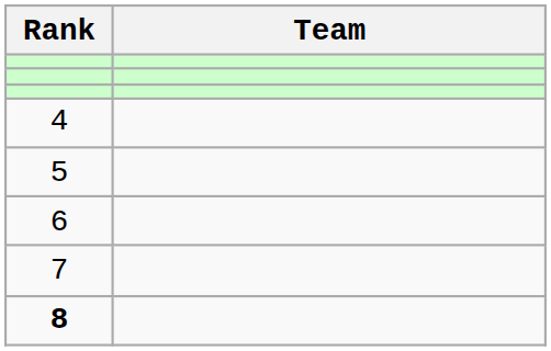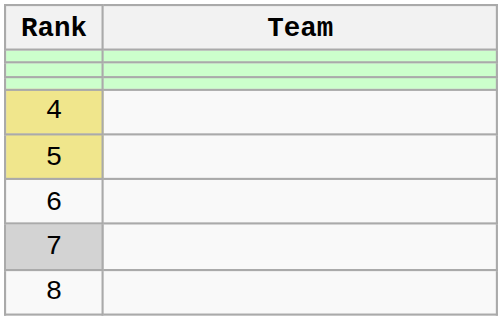 <table class="wikitable" style="text-align: center;">
 <tr>
 <th width=40>Rank</th>
 <th width=180>Team</th>
 </tr>
 <tr bgcolor=#CCFFCC>
 <td></td>
 <td style="text-align:left;"></td>
 </tr>
 <tr bgcolor=#CCFFCC>
 <td></td>
 <td style="text-align:left;"></td>
 </tr>
 <tr bgcolor=#CCFFCC>
 <td></td>
 <td style="text-align:left;"></td>
 </tr>
 <tr align=center>
-<td>4</td>
+<td style="background: khaki;">4</td>
 <td style="text-align:left;"></td>
 </tr>
 <tr align=center>
-<td>5</td>
+<td style="background: khaki;">5</td>
 <td style="text-align:left;"></td>
 </tr>
 <tr align=center>
 <td>6</td>
 <td style="text-align:left;"></td>
 </tr>
 <tr align=center>
-<td>7</td>
+<td style="background: lightgrey;">7</td>
 <td style="text-align:left;"></td>
 </tr>
 <tr align=center>
-<td><strong>8</strong></td>
+<td>8</td>
 <td style="text-align:left;"></td>
 </tr>
 </table>
